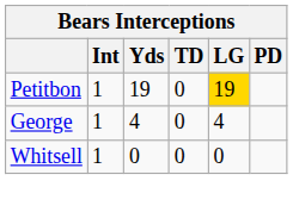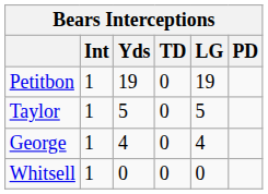 <table class="wikitable">
 <tr>
 <th colspan="6">Bears Interceptions</th>
 </tr>
 <tr>
 <th></th>
 <th>Int</th>
 <th>Yds</th>
 <th>TD</th>
 <th>LG</th>
 <th>PD</th>
 </tr>
 <tr>
 <td><a href='#'>Petitbon</a></td>
 <td>1</td>
 <td>19</td>
 <td>0</td>
-<td style="background: gold;">19</td>
+<td>19</td>
+<td></td>
+</tr>
+<tr>
+<td><a href='#'>Taylor</a></td>
+<td>1</td>
+<td>5</td>
+<td>0</td>
+<td>5</td>
 <td></td>
 </tr>
 <tr>
 <td><a href='#'>George</a></td>
 <td>1</td>
 <td>4</td>
 <td>0</td>
 <td>4</td>
 <td></td>
 </tr>
 <tr>
 <td><a href='#'>Whitsell</a></td>
 <td>1</td>
 <td>0</td>
 <td>0</td>
 <td>0</td>
 <td></td>
 </tr>
 </table>
